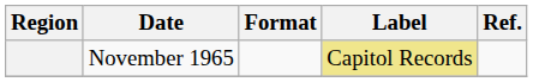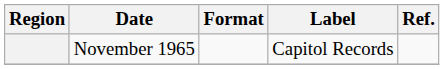 <table class="wikitable plainrowheaders">
 <tr>
 <th scope="col">Region</th>
 <th scope="col">Date</th>
 <th scope="col">Format</th>
 <th scope="col">Label</th>
 <th scope="col">Ref.</th>
 </tr>
 <tr>
 <th scope="row"></th>
 <td>November 1965</td>
 <td></td>
-<td style="background: khaki;">Capitol Records</td>
+<td>Capitol Records</td>
 <td></td>
 </tr>
 <tr>
 </tr>
 </table>
